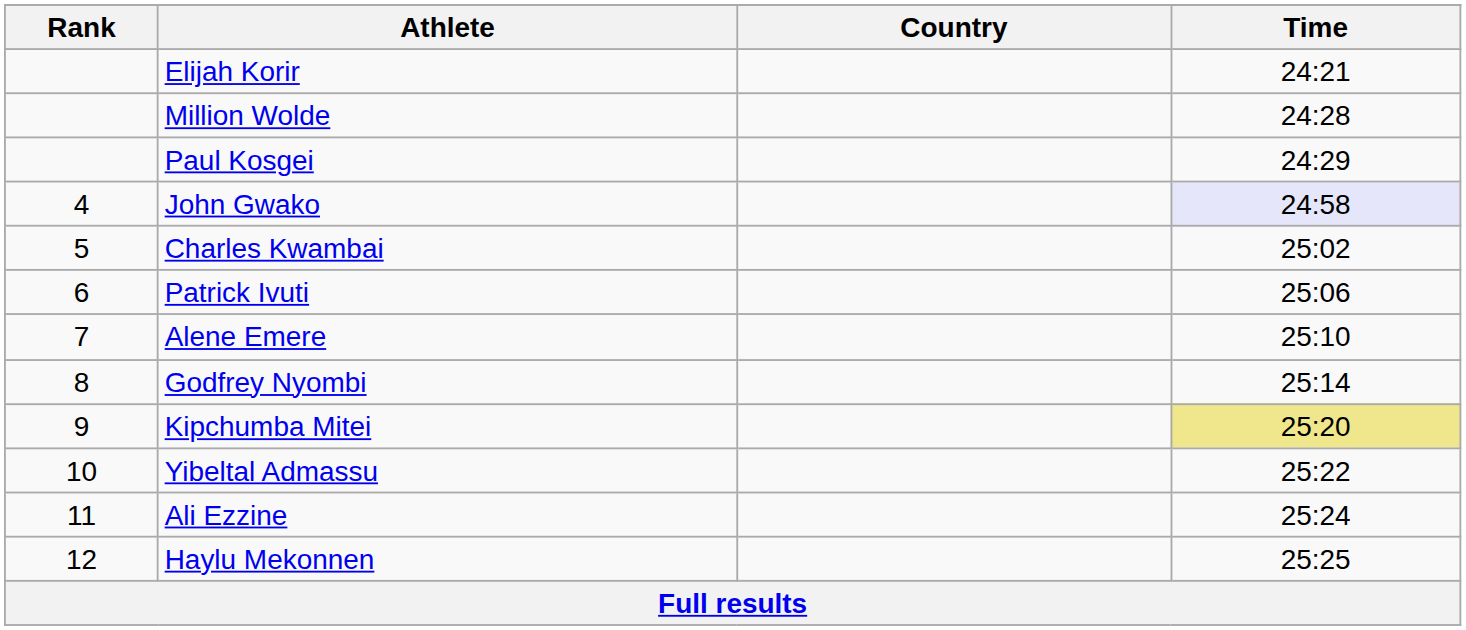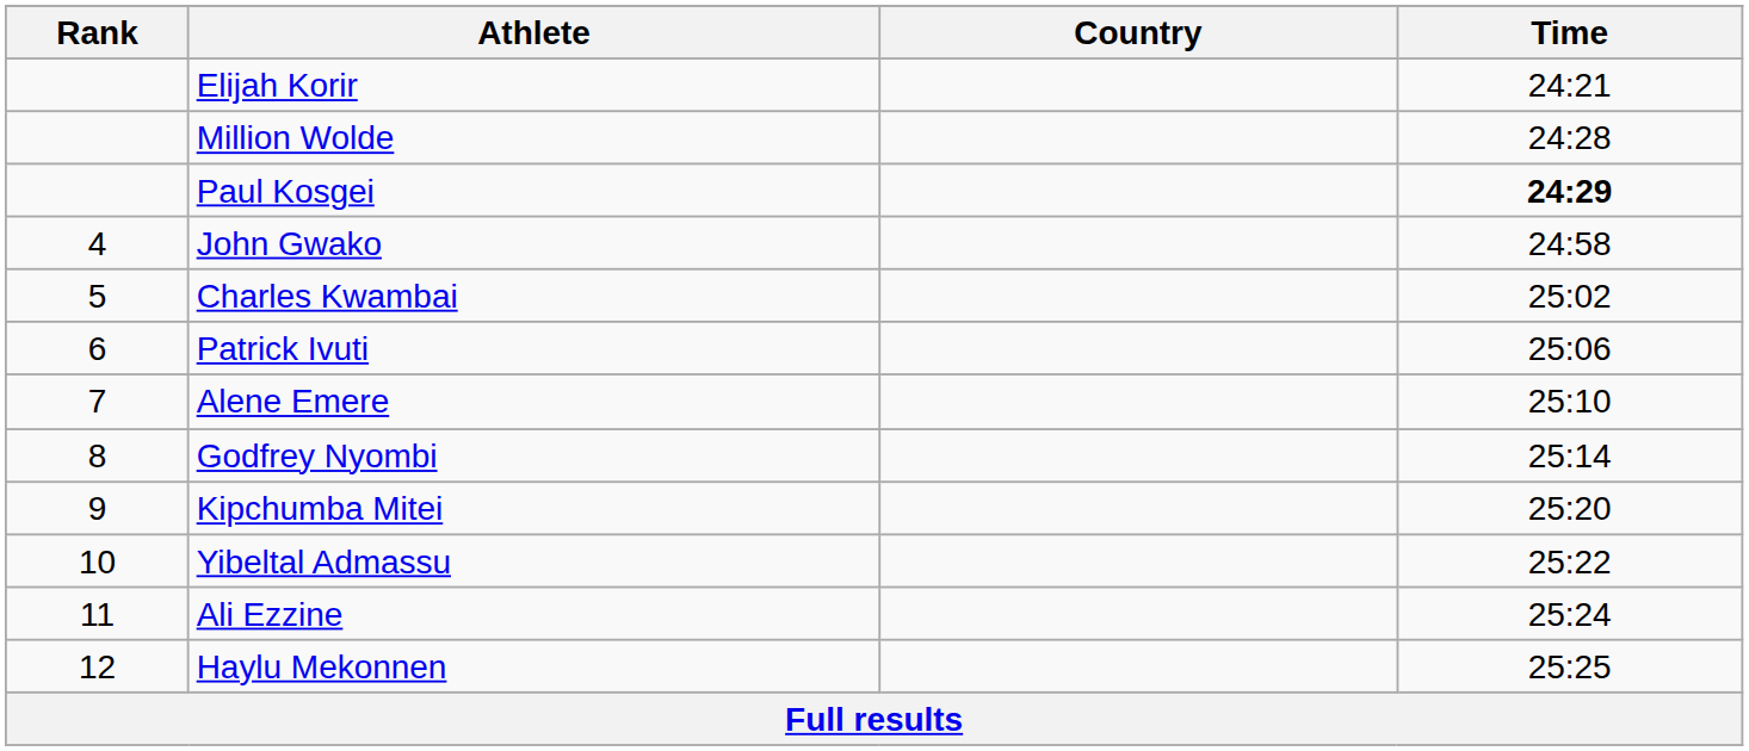 <table class="wikitable sortable" style=" text-align:center; font-size:95%;" width="50%">
 <tr>
 </tr>
 <tr>
 <th width=5%>Rank</th>
 <th width=20%>Athlete</th>
 <th width=15%>Country</th>
 <th width=10%>Time</th>
 </tr>
 <tr>
 <td align=center></td>
 <td align=left><a href='#'>Elijah Korir</a></td>
 <td align=left></td>
 <td>24:21</td>
 </tr>
 <tr>
 <td align=center></td>
 <td align=left><a href='#'>Million Wolde</a></td>
 <td align=left></td>
 <td>24:28</td>
 </tr>
 <tr>
 <td align=center></td>
 <td align=left><a href='#'>Paul Kosgei</a></td>
 <td align=left></td>
-<td>24:29</td>
+<td><strong>24:29</strong></td>
 </tr>
 <tr>
 <td align=center>4</td>
 <td align=left><a href='#'>John Gwako</a></td>
 <td align=left></td>
-<td style="background: lavender;">24:58</td>
+<td>24:58</td>
 </tr>
 <tr>
 <td align=center>5</td>
 <td align=left><a href='#'>Charles Kwambai</a></td>
 <td align=left></td>
 <td>25:02</td>
 </tr>
 <tr>
 <td align=center>6</td>
 <td align=left><a href='#'>Patrick Ivuti</a></td>
 <td align=left></td>
 <td>25:06</td>
 </tr>
 <tr>
 <td align=center>7</td>
 <td align=left><a href='#'>Alene Emere</a></td>
 <td align=left></td>
 <td>25:10</td>
 </tr>
 <tr>
 <td align=center>8</td>
 <td align=left><a href='#'>Godfrey Nyombi</a></td>
 <td align=left></td>
 <td>25:14</td>
 </tr>
 <tr>
 <td align=center>9</td>
 <td align=left><a href='#'>Kipchumba Mitei</a></td>
 <td align=left></td>
-<td style="background: khaki;">25:20</td>
+<td>25:20</td>
 </tr>
 <tr>
 <td align=center>10</td>
 <td align=left><a href='#'>Yibeltal Admassu</a></td>
 <td align=left></td>
 <td>25:22</td>
 </tr>
 <tr>
 <td align=center>11</td>
 <td align=left><a href='#'>Ali Ezzine</a></td>
 <td align=left></td>
 <td>25:24</td>
 </tr>
 <tr>
 <td align=center>12</td>
 <td align=left><a href='#'>Haylu Mekonnen</a></td>
 <td align=left></td>
 <td>25:25</td>
 </tr>
 <tr class="sortbottom">
 <th colspan=4 align=center><a href='#'>Full results</a></th>
 </tr>
 </table>
